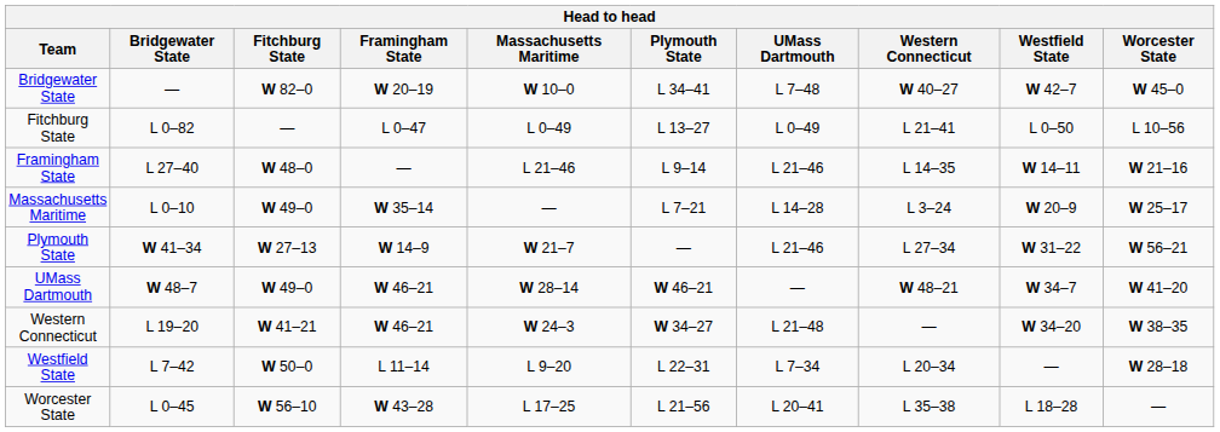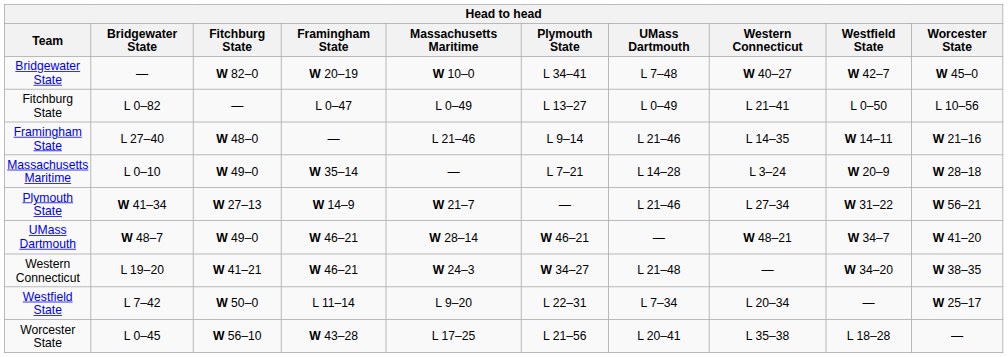 <table class="wikitable" style="font-size:95%; text-align:center;">
 <tr>
 <th colspan="17">Head to head</th>
 </tr>
 <tr>
 <th style="width:100px;">Team</th>
 <th>Bridgewater State</th>
 <th>Fitchburg State</th>
 <th>Framingham State</th>
 <th>Massachusetts Maritime</th>
 <th>Plymouth State</th>
 <th>UMass Dartmouth</th>
 <th>Western Connecticut</th>
 <th>Westfield State</th>
 <th>Worcester State</th>
 </tr>
 <tr>
 <td><a href='#'>Bridgewater State</a></td>
 <td>—</td>
 <td><strong>W</strong> 82–0</td>
 <td><strong>W</strong> 20–19</td>
 <td><strong>W</strong> 10–0</td>
 <td>L 34–41</td>
 <td>L 7–48</td>
 <td><strong>W</strong> 40–27</td>
 <td><strong>W</strong> 42–7</td>
 <td><strong>W</strong> 45–0</td>
 </tr>
 <tr>
 <td>Fitchburg State</td>
 <td>L 0–82</td>
 <td>—</td>
 <td>L 0–47</td>
 <td>L 0–49</td>
 <td>L 13–27</td>
 <td>L 0–49</td>
 <td>L 21–41</td>
 <td>L 0–50</td>
 <td>L 10–56</td>
 </tr>
 <tr>
 <td><a href='#'>Framingham State</a></td>
 <td>L 27–40</td>
 <td><strong>W</strong> 48–0</td>
 <td>—</td>
 <td>L 21–46</td>
 <td>L 9–14</td>
 <td>L 21–46</td>
 <td>L 14–35</td>
 <td><strong>W</strong> 14–11</td>
 <td><strong>W</strong> 21–16</td>
 </tr>
 <tr>
 <td><a href='#'>Massachusetts Maritime</a></td>
 <td>L 0–10</td>
 <td><strong>W</strong> 49–0</td>
 <td><strong>W</strong> 35–14</td>
 <td>—</td>
 <td>L 7–21</td>
 <td>L 14–28</td>
 <td>L 3–24</td>
 <td><strong>W</strong> 20–9</td>
-<td><strong>W</strong> 25–17</td>
+<td><strong>W</strong> 28–18</td>
 </tr>
 <tr>
 <td><a href='#'>Plymouth State</a></td>
 <td><strong>W</strong> 41–34</td>
 <td><strong>W</strong> 27–13</td>
 <td><strong>W</strong> 14–9</td>
 <td><strong>W</strong> 21–7</td>
 <td>—</td>
 <td>L 21–46</td>
 <td>L 27–34</td>
 <td><strong>W</strong> 31–22</td>
 <td><strong>W</strong> 56–21</td>
 </tr>
 <tr>
 <td><a href='#'>UMass Dartmouth</a></td>
 <td><strong>W</strong> 48–7</td>
 <td><strong>W</strong> 49–0</td>
 <td><strong>W</strong> 46–21</td>
 <td><strong>W</strong> 28–14</td>
 <td><strong>W</strong> 46–21</td>
 <td>—</td>
 <td><strong>W</strong> 48–21</td>
 <td><strong>W</strong> 34–7</td>
 <td><strong>W</strong> 41–20</td>
 </tr>
 <tr>
 <td>Western Connecticut</td>
 <td>L 19–20</td>
 <td><strong>W</strong> 41–21</td>
 <td><strong>W</strong> 46–21</td>
 <td><strong>W</strong> 24–3</td>
 <td><strong>W</strong> 34–27</td>
 <td>L 21–48</td>
 <td>—</td>
 <td><strong>W</strong> 34–20</td>
 <td><strong>W</strong> 38–35</td>
 </tr>
 <tr>
 <td><a href='#'>Westfield State</a></td>
 <td>L 7–42</td>
 <td><strong>W</strong> 50–0</td>
 <td>L 11–14</td>
 <td>L 9–20</td>
 <td>L 22–31</td>
 <td>L 7–34</td>
 <td>L 20–34</td>
 <td>—</td>
-<td><strong>W</strong> 28–18</td>
+<td><strong>W</strong> 25–17</td>
 </tr>
 <tr>
 <td>Worcester State</td>
 <td>L 0–45</td>
 <td><strong>W</strong> 56–10</td>
 <td><strong>W</strong> 43–28</td>
 <td>L 17–25</td>
 <td>L 21–56</td>
 <td>L 20–41</td>
 <td>L 35–38</td>
 <td>L 18–28</td>
 <td>—</td>
 </tr>
 </table>
